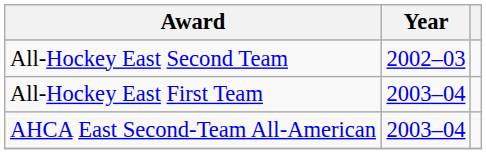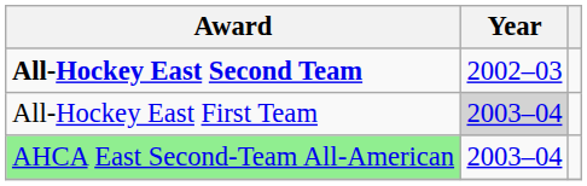 <table class="wikitable">
 <tr>
 <th>Award</th>
 <th>Year</th>
 <th></th>
 </tr>
 <tr>
-<td>All-<a href='#'>Hockey East</a> <a href='#'>Second Team</a></td>
+<td><strong>All-<a href='#'>Hockey East</a> <a href='#'>Second Team</a></strong></td>
 <td><a href='#'>2002–03</a></td>
 <td></td>
 </tr>
 <tr>
 <td>All-<a href='#'>Hockey East</a> <a href='#'>First Team</a></td>
-<td><a href='#'>2003–04</a></td>
+<td style="background: lightgrey;"><a href='#'>2003–04</a></td>
 <td></td>
 </tr>
 <tr>
-<td><a href='#'>AHCA</a> <a href='#'>East Second-Team All-American</a></td>
+<td style="background: lightgreen;"><a href='#'>AHCA</a> <a href='#'>East Second-Team All-American</a></td>
 <td><a href='#'>2003–04</a></td>
 <td></td>
 </tr>
 <tr>
 </tr>
 </table>
